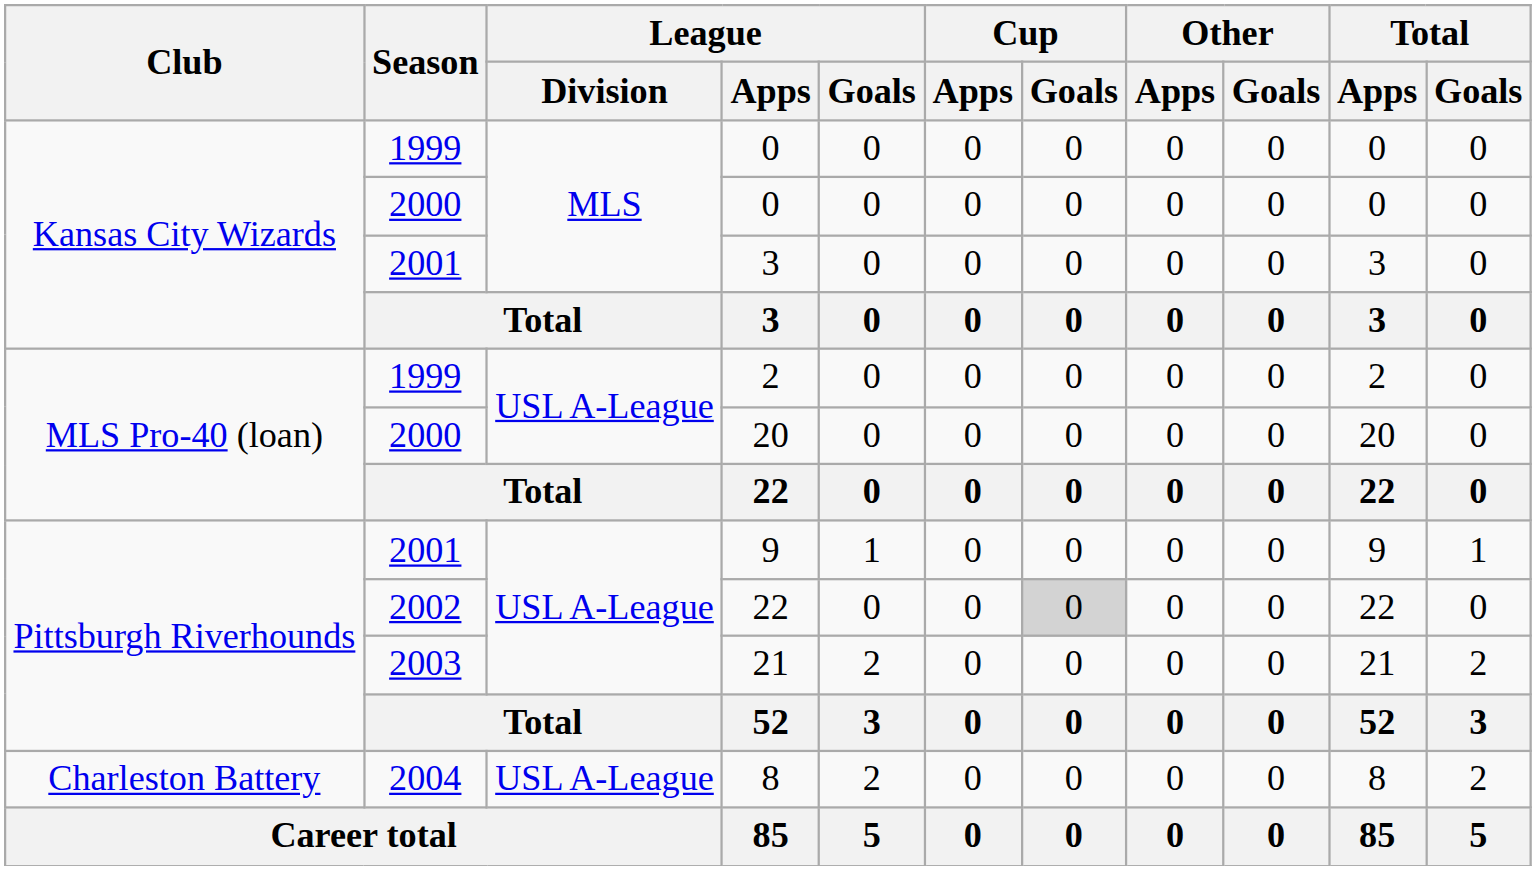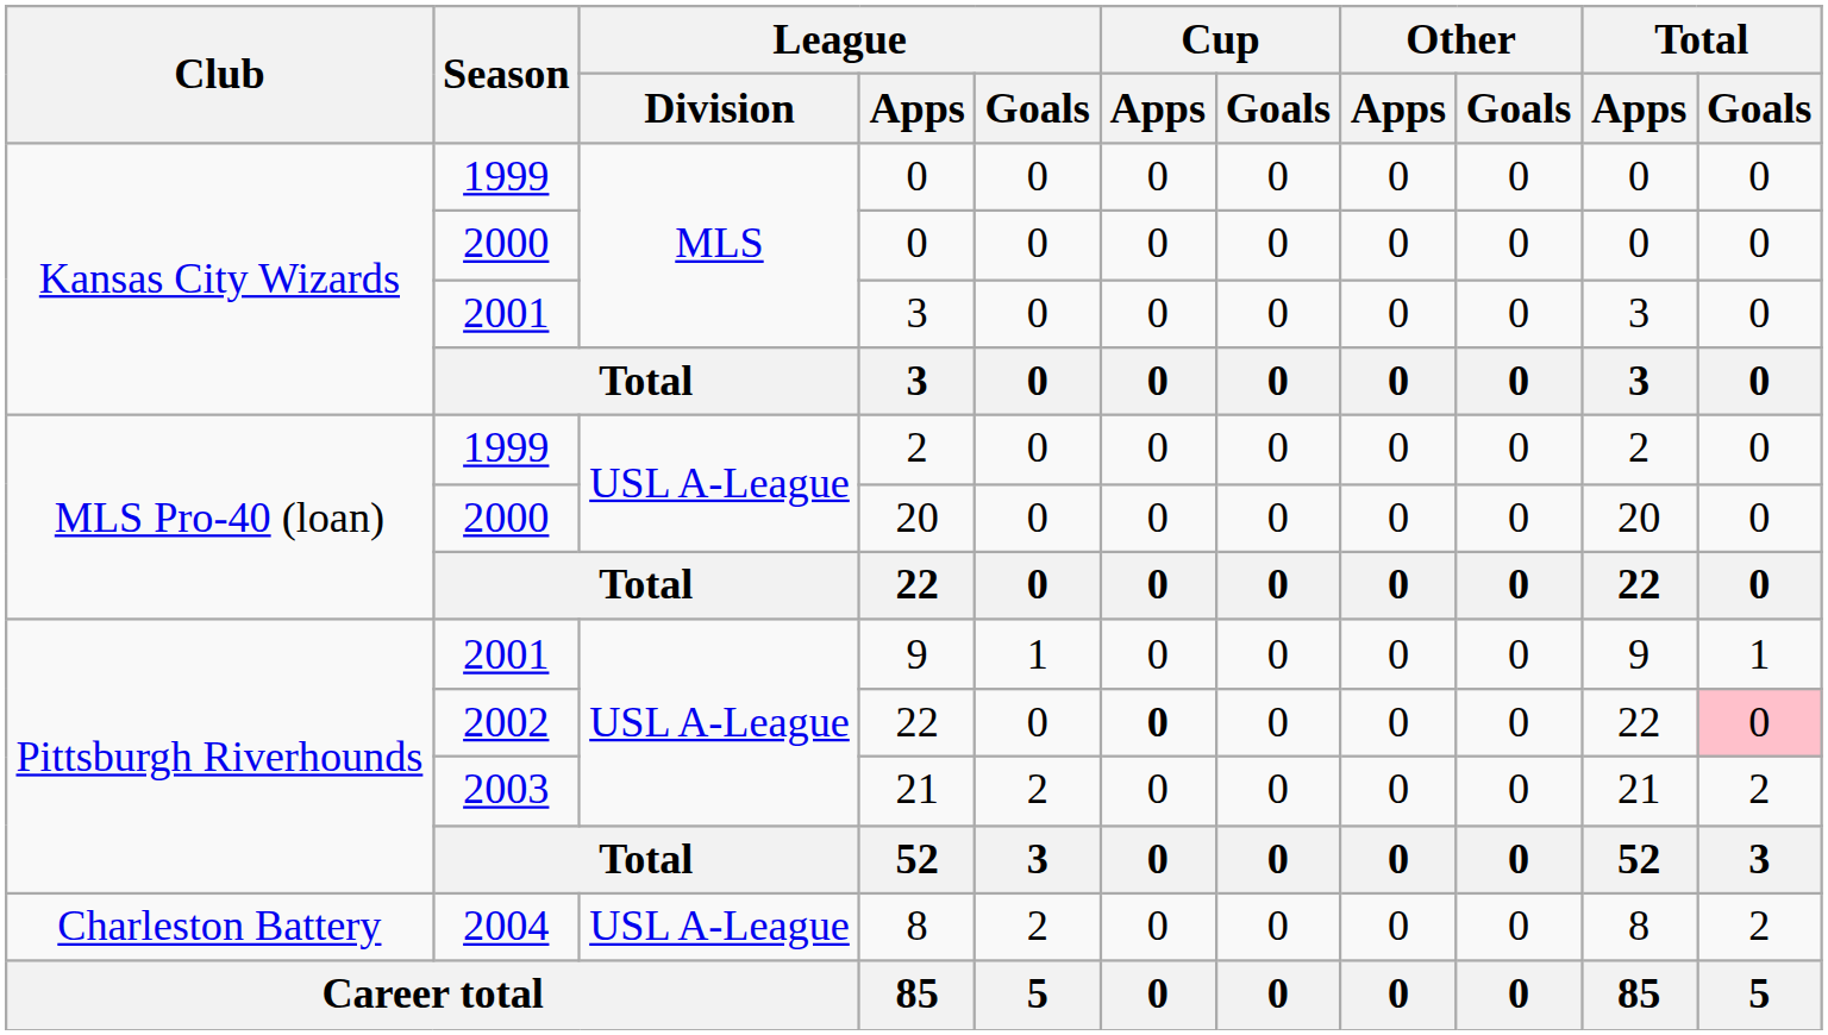 <table class="wikitable" style="text-align: center">
 <tr>
 <th rowspan="2">Club</th>
 <th rowspan="2">Season</th>
 <th colspan="3">League</th>
 <th colspan="2">Cup</th>
 <th colspan="2">Other</th>
 <th colspan="2">Total</th>
 </tr>
 <tr>
 <th>Division</th>
 <th>Apps</th>
 <th>Goals</th>
 <th>Apps</th>
 <th>Goals</th>
 <th>Apps</th>
 <th>Goals</th>
 <th>Apps</th>
 <th>Goals</th>
 </tr>
 <tr>
 <td rowspan="4"><a href='#'>Kansas City Wizards</a></td>
 <td><a href='#'>1999</a></td>
 <td rowspan="3"><a href='#'>MLS</a></td>
 <td>0</td>
 <td>0</td>
 <td>0</td>
 <td>0</td>
 <td>0</td>
 <td>0</td>
 <td>0</td>
 <td>0</td>
 </tr>
 <tr>
 <td><a href='#'>2000</a></td>
 <td>0</td>
 <td>0</td>
 <td>0</td>
 <td>0</td>
 <td>0</td>
 <td>0</td>
 <td>0</td>
 <td>0</td>
 </tr>
 <tr>
 <td><a href='#'>2001</a></td>
 <td>3</td>
 <td>0</td>
 <td>0</td>
 <td>0</td>
 <td>0</td>
 <td>0</td>
 <td>3</td>
 <td>0</td>
 </tr>
 <tr>
 <th colspan="2"><strong>Total</strong></th>
 <th>3</th>
 <th>0</th>
 <th>0</th>
 <th>0</th>
 <th>0</th>
 <th>0</th>
 <th>3</th>
 <th>0</th>
 </tr>
 <tr>
 <td rowspan="3"><a href='#'>MLS Pro-40</a> (loan)</td>
 <td><a href='#'>1999</a></td>
 <td rowspan="2"><a href='#'>USL A-League</a></td>
 <td>2</td>
 <td>0</td>
 <td>0</td>
 <td>0</td>
 <td>0</td>
 <td>0</td>
 <td>2</td>
 <td>0</td>
 </tr>
 <tr>
 <td><a href='#'>2000</a></td>
 <td>20</td>
 <td>0</td>
 <td>0</td>
 <td>0</td>
 <td>0</td>
 <td>0</td>
 <td>20</td>
 <td>0</td>
 </tr>
 <tr>
 <th colspan="2"><strong>Total</strong></th>
 <th>22</th>
 <th>0</th>
 <th>0</th>
 <th>0</th>
 <th>0</th>
 <th>0</th>
 <th>22</th>
 <th>0</th>
 </tr>
 <tr>
 <td rowspan="4"><a href='#'>Pittsburgh Riverhounds</a></td>
 <td><a href='#'>2001</a></td>
 <td rowspan="3"><a href='#'>USL A-League</a></td>
 <td>9</td>
 <td>1</td>
 <td>0</td>
 <td>0</td>
 <td>0</td>
 <td>0</td>
 <td>9</td>
 <td>1</td>
 </tr>
 <tr>
 <td><a href='#'>2002</a></td>
 <td>22</td>
 <td>0</td>
+<td><strong>0</strong></td>
 <td>0</td>
-<td style="background: lightgrey;">0</td>
 <td>0</td>
 <td>0</td>
 <td>22</td>
-<td>0</td>
+<td style="background: pink;">0</td>
 </tr>
 <tr>
 <td><a href='#'>2003</a></td>
 <td>21</td>
 <td>2</td>
 <td>0</td>
 <td>0</td>
 <td>0</td>
 <td>0</td>
 <td>21</td>
 <td>2</td>
 </tr>
 <tr>
 <th colspan="2"><strong>Total</strong></th>
 <th>52</th>
 <th>3</th>
 <th>0</th>
 <th>0</th>
 <th>0</th>
 <th>0</th>
 <th>52</th>
 <th>3</th>
 </tr>
 <tr>
 <td><a href='#'>Charleston Battery</a></td>
 <td><a href='#'>2004</a></td>
 <td><a href='#'>USL A-League</a></td>
 <td>8</td>
 <td>2</td>
 <td>0</td>
 <td>0</td>
 <td>0</td>
 <td>0</td>
 <td>8</td>
 <td>2</td>
 </tr>
 <tr>
 <th colspan="3"><strong>Career total</strong></th>
 <th>85</th>
 <th>5</th>
 <th>0</th>
 <th>0</th>
 <th>0</th>
 <th>0</th>
 <th>85</th>
 <th>5</th>
 </tr>
 </table>
